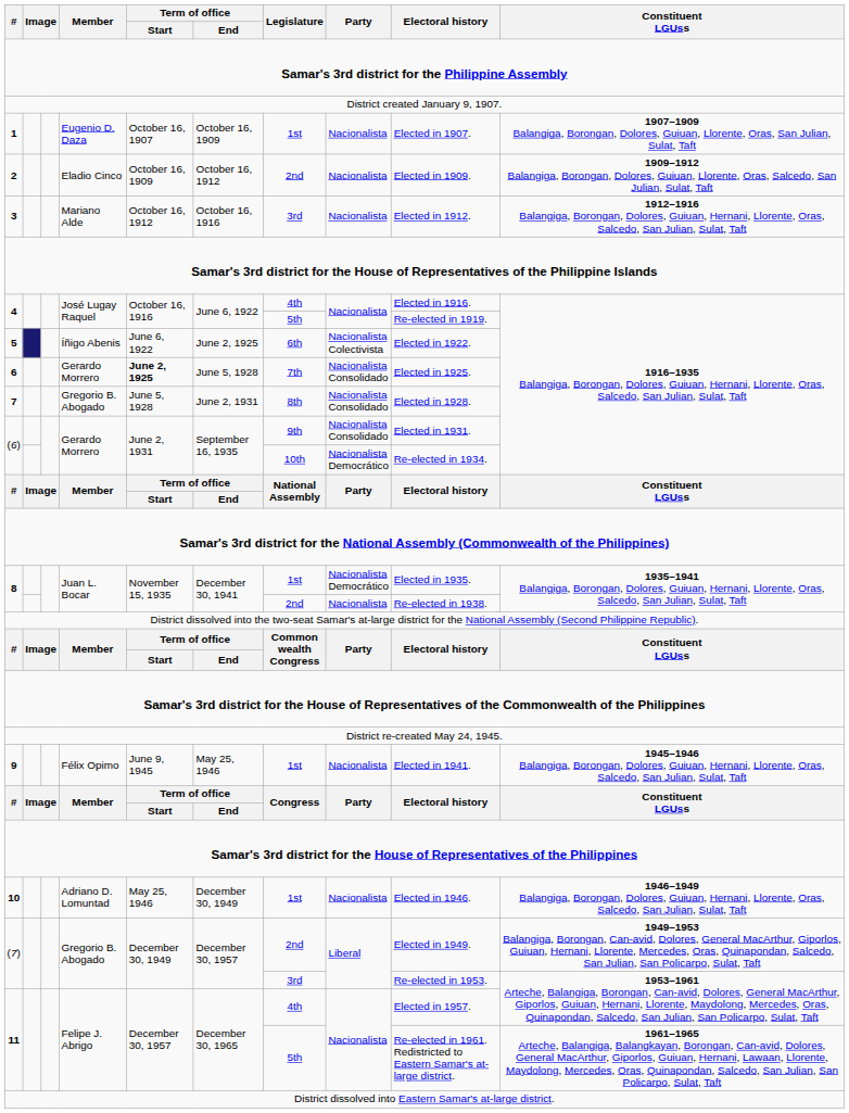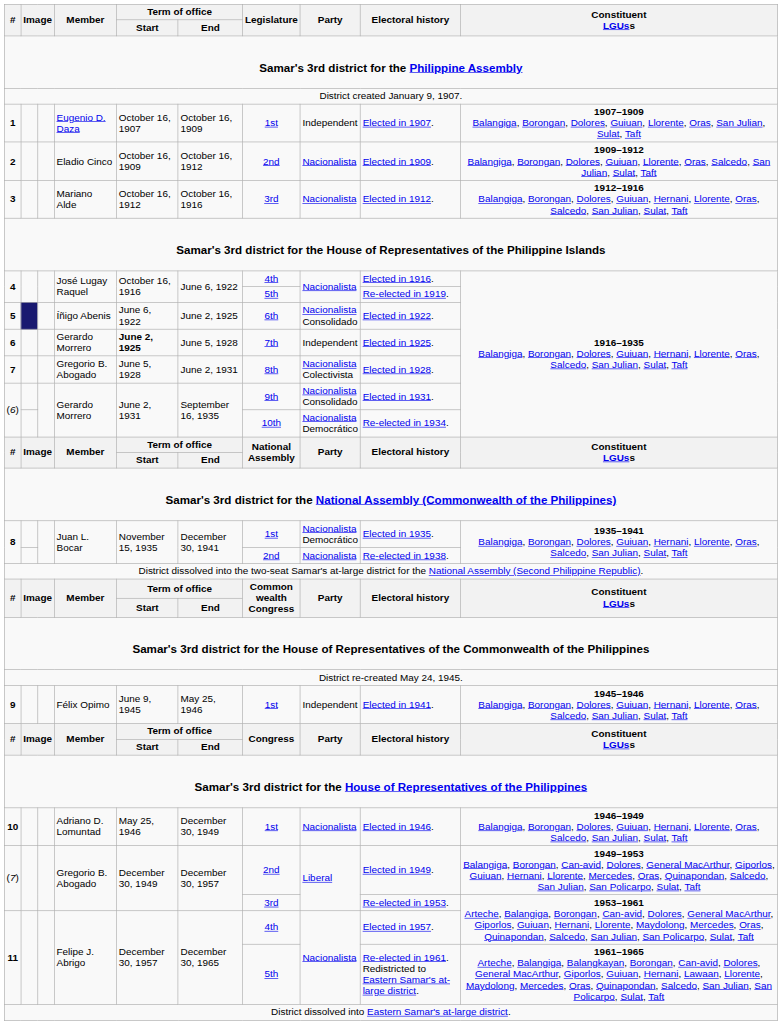 <table class=wikitable>
 <tr>
 <th rowspan="2">#</th>
 <th rowspan="2" colspan=2>Image</th>
 <th rowspan="2">Member</th>
 <th colspan=2>Term of office</th>
 <th rowspan="2">Legislature</th>
 <th rowspan="2">Party</th>
 <th rowspan="2">Electoral history</th>
 <th rowspan="2">Constituent<br><a href='#'>LGUs</a>s</th>
 </tr>
 <tr>
 <th>Start</th>
 <th>End</th>
 </tr>
 <tr>
 <td colspan="10" style="text-align:center;"><br><h3>Samar's 3rd district for the <a href='#'>Philippine Assembly</a></h3></td>
 </tr>
 <tr>
 <td colspan="10" style="text-align:center;">District created January 9, 1907.</td>
 </tr>
 <tr>
 <td style="text-align:center;"><strong>1</strong></td>
 <td style="color:inherit;background:"></td>
 <td></td>
 <td><a href='#'>Eugenio D. Daza</a></td>
 <td>October 16, 1907</td>
 <td>October 16, 1909</td>
 <td style="text-align:center;"><a href='#'>1st</a></td>
-<td><a href='#'>Nacionalista</a></td>
+<td>Independent</td>
 <td><a href='#'>Elected in 1907</a>.</td>
 <td style="text-align:center;"><strong>1907–1909</strong><br><a href='#'>Balangiga</a>, <a href='#'>Borongan</a>, <a href='#'>Dolores</a>, <a href='#'>Guiuan</a>, <a href='#'>Llorente</a>, <a href='#'>Oras</a>, <a href='#'>San Julian</a>, <a href='#'>Sulat</a>, <a href='#'>Taft</a></td>
 </tr>
 <tr>
 <td style="text-align:center;"><strong>2</strong></td>
 <td style="color:inherit;background:"></td>
 <td></td>
 <td>Eladio Cinco</td>
 <td>October 16, 1909</td>
 <td>October 16, 1912</td>
 <td style="text-align:center;"><a href='#'>2nd</a></td>
 <td><a href='#'>Nacionalista</a></td>
 <td><a href='#'>Elected in 1909</a>.</td>
 <td style="text-align:center;"><strong>1909–1912</strong><br><a href='#'>Balangiga</a>, <a href='#'>Borongan</a>, <a href='#'>Dolores</a>, <a href='#'>Guiuan</a>, <a href='#'>Llorente</a>, <a href='#'>Oras</a>, <a href='#'>Salcedo</a>, <a href='#'>San Julian</a>, <a href='#'>Sulat</a>, <a href='#'>Taft</a></td>
 </tr>
 <tr>
 <td style="text-align:center;"><strong>3</strong></td>
 <td style="color:inherit;background:"></td>
 <td></td>
 <td>Mariano Alde</td>
 <td>October 16, 1912</td>
 <td>October 16, 1916</td>
 <td style="text-align:center;"><a href='#'>3rd</a></td>
 <td><a href='#'>Nacionalista</a></td>
 <td><a href='#'>Elected in 1912</a>.</td>
 <td style="text-align:center;"><strong>1912–1916</strong><br><a href='#'>Balangiga</a>, <a href='#'>Borongan</a>, <a href='#'>Dolores</a>, <a href='#'>Guiuan</a>, <a href='#'>Hernani</a>, <a href='#'>Llorente</a>, <a href='#'>Oras</a>, <a href='#'>Salcedo</a>, <a href='#'>San Julian</a>, <a href='#'>Sulat</a>, <a href='#'>Taft</a></td>
 </tr>
 <tr>
 <td colspan="10" style="text-align:center;"><br><h3>Samar's 3rd district for the House of Representatives of the Philippine Islands</h3></td>
 </tr>
 <tr>
 <td rowspan="2" style="text-align:center;"><strong>4</strong></td>
 <td rowspan="2" style="color:inherit;background:"></td>
 <td rowspan="2"></td>
 <td rowspan="2">José Lugay Raquel</td>
 <td rowspan="2">October 16, 1916</td>
 <td rowspan="2">June 6, 1922</td>
 <td style="text-align:center;"><a href='#'>4th</a></td>
 <td rowspan="2"><a href='#'>Nacionalista</a></td>
 <td><a href='#'>Elected in 1916</a>.</td>
 <td rowspan="7" style="text-align:center;"><strong>1916–1935</strong><br><a href='#'>Balangiga</a>, <a href='#'>Borongan</a>, <a href='#'>Dolores</a>, <a href='#'>Guiuan</a>, <a href='#'>Hernani</a>, <a href='#'>Llorente</a>, <a href='#'>Oras</a>, <a href='#'>Salcedo</a>, <a href='#'>San Julian</a>, <a href='#'>Sulat</a>, <a href='#'>Taft</a></td>
 </tr>
 <tr>
 <td style="text-align:center;"><a href='#'>5th</a></td>
 <td><a href='#'>Re-elected in 1919</a>.</td>
 </tr>
 <tr>
 <td style="text-align:center;"><strong>5</strong></td>
 <td style="background-color:#191970"></td>
 <td></td>
 <td>Íñigo Abenis</td>
 <td>June 6, 1922</td>
 <td>June 2, 1925</td>
 <td style="text-align:center;"><a href='#'>6th</a></td>
-<td><a href='#'>Nacionalista</a><br>Colectivista</td>
+<td><a href='#'>Nacionalista</a><br>Consolidado</td>
 <td><a href='#'>Elected in 1922</a>.</td>
 </tr>
 <tr>
 <td style="text-align:center;"><strong>6</strong></td>
 <td style="color:inherit;background:"></td>
 <td></td>
 <td>Gerardo Morrero</td>
 <td><strong>June 2, 1925</strong></td>
 <td>June 5, 1928</td>
 <td style="text-align:center;"><a href='#'>7th</a></td>
-<td><a href='#'>Nacionalista</a><br>Consolidado</td>
+<td>Independent</td>
 <td><a href='#'>Elected in 1925</a>.</td>
 </tr>
 <tr>
 <td style="text-align:center;"><strong>7</strong></td>
 <td style="color:inherit;background:"></td>
 <td></td>
 <td>Gregorio B. Abogado</td>
 <td>June 5, 1928</td>
 <td>June 2, 1931</td>
 <td style="text-align:center;"><a href='#'>8th</a></td>
-<td><a href='#'>Nacionalista</a><br>Consolidado</td>
+<td><a href='#'>Nacionalista</a><br>Colectivista</td>
 <td><a href='#'>Elected in 1928</a>.</td>
 </tr>
 <tr>
 <td rowspan="2" style="text-align:center;">(<em>6</em>)</td>
 <td style="color:inherit;background:"></td>
 <td rowspan="2"></td>
 <td rowspan="2">Gerardo Morrero</td>
 <td rowspan="2">June 2, 1931</td>
 <td rowspan="2">September 16, 1935</td>
 <td style="text-align:center;"><a href='#'>9th</a></td>
 <td><a href='#'>Nacionalista</a><br>Consolidado</td>
 <td><a href='#'>Elected in 1931</a>.</td>
 </tr>
 <tr>
 <td style="color:inherit;background:"></td>
 <td style="text-align:center;"><a href='#'>10th</a></td>
 <td><a href='#'>Nacionalista</a><br>Democrático</td>
 <td><a href='#'>Re-elected in 1934</a>.</td>
 </tr>
 <tr>
 <th rowspan="2">#</th>
 <th rowspan="2" colspan=2>Image</th>
 <th rowspan="2">Member</th>
 <th colspan=2>Term of office</th>
 <th rowspan="2">National<br>Assembly</th>
 <th rowspan="2">Party</th>
 <th rowspan="2">Electoral history</th>
 <th rowspan="2">Constituent<br><a href='#'>LGUs</a>s</th>
 </tr>
 <tr>
 <th>Start</th>
 <th>End</th>
 </tr>
 <tr>
 <td colspan="10" style="text-align:center;"><br><h3>Samar's 3rd district for the <a href='#'>National Assembly (Commonwealth of the Philippines)</a></h3></td>
 </tr>
 <tr>
 <td rowspan="2" style="text-align:center;"><strong>8</strong></td>
 <td style="color:inherit;background:"></td>
 <td rowspan="2"></td>
 <td rowspan="2">Juan L. Bocar</td>
 <td rowspan="2">November 15, 1935</td>
 <td rowspan="2">December 30, 1941</td>
 <td style="text-align:center;"><a href='#'>1st</a></td>
 <td><a href='#'>Nacionalista</a><br>Democrático</td>
 <td><a href='#'>Elected in 1935</a>.</td>
 <td rowspan="2" style="text-align:center;"><strong>1935–1941</strong><br><a href='#'>Balangiga</a>, <a href='#'>Borongan</a>, <a href='#'>Dolores</a>, <a href='#'>Guiuan</a>, <a href='#'>Hernani</a>, <a href='#'>Llorente</a>, <a href='#'>Oras</a>, <a href='#'>Salcedo</a>, <a href='#'>San Julian</a>, <a href='#'>Sulat</a>, <a href='#'>Taft</a></td>
 </tr>
 <tr>
 <td style="color:inherit;background:"></td>
 <td style="text-align:center;"><a href='#'>2nd</a></td>
 <td><a href='#'>Nacionalista</a></td>
 <td><a href='#'>Re-elected in 1938</a>.</td>
 </tr>
 <tr>
 <td colspan="10" style="text-align:center;">District dissolved into the two-seat Samar's at-large district for the <a href='#'>National Assembly (Second Philippine Republic)</a>.</td>
 </tr>
 <tr>
 <th rowspan="2">#</th>
 <th rowspan="2" colspan=2>Image</th>
 <th rowspan="2">Member</th>
 <th colspan=2>Term of office</th>
 <th rowspan="2">Common<br>wealth<br>Congress</th>
 <th rowspan="2">Party</th>
 <th rowspan="2">Electoral history</th>
 <th rowspan="2">Constituent<br><a href='#'>LGUs</a>s</th>
 </tr>
 <tr>
 <th>Start</th>
 <th>End</th>
 </tr>
 <tr>
 <td colspan="10" style="text-align:center;"><br><h3>Samar's 3rd district for the House of Representatives of the Commonwealth of the Philippines</h3></td>
 </tr>
 <tr>
 <td colspan="10" style="text-align:center;">District re-created May 24, 1945.</td>
 </tr>
 <tr>
 <td style="text-align:center;"><strong>9</strong></td>
 <td style="color:inherit;background:"></td>
 <td></td>
 <td>Félix Opimo</td>
 <td>June 9, 1945</td>
 <td>May 25, 1946</td>
 <td style="text-align:center;"><a href='#'>1st</a></td>
-<td><a href='#'>Nacionalista</a></td>
+<td>Independent</td>
 <td><a href='#'>Elected in 1941</a>.</td>
 <td style="text-align:center;"><strong>1945–1946</strong><br><a href='#'>Balangiga</a>, <a href='#'>Borongan</a>, <a href='#'>Dolores</a>, <a href='#'>Guiuan</a>, <a href='#'>Hernani</a>, <a href='#'>Llorente</a>, <a href='#'>Oras</a>, <a href='#'>Salcedo</a>, <a href='#'>San Julian</a>, <a href='#'>Sulat</a>, <a href='#'>Taft</a></td>
 </tr>
 <tr>
 <th rowspan="2">#</th>
 <th rowspan="2" colspan=2>Image</th>
 <th rowspan="2">Member</th>
 <th colspan=2>Term of office</th>
 <th rowspan="2">Congress</th>
 <th rowspan="2">Party</th>
 <th rowspan="2">Electoral history</th>
 <th rowspan="2">Constituent<br><a href='#'>LGUs</a>s</th>
 </tr>
 <tr>
 <th>Start</th>
 <th>End</th>
 </tr>
 <tr>
 <td colspan="10" style="text-align:center;"><br><h3>Samar's 3rd district for the <a href='#'>House of Representatives of the Philippines</a></h3></td>
 </tr>
 <tr>
 <td style="text-align:center;"><strong>10</strong></td>
 <td style="color:inherit;background:"></td>
 <td></td>
 <td>Adriano D. Lomuntad</td>
 <td>May 25, 1946</td>
 <td>December 30, 1949</td>
 <td style="text-align:center;"><a href='#'>1st</a></td>
 <td><a href='#'>Nacionalista</a></td>
 <td><a href='#'>Elected in 1946</a>.</td>
 <td style="text-align:center;"><strong>1946–1949</strong><br><a href='#'>Balangiga</a>, <a href='#'>Borongan</a>, <a href='#'>Dolores</a>, <a href='#'>Guiuan</a>, <a href='#'>Hernani</a>, <a href='#'>Llorente</a>, <a href='#'>Oras</a>, <a href='#'>Salcedo</a>, <a href='#'>San Julian</a>, <a href='#'>Sulat</a>, <a href='#'>Taft</a></td>
 </tr>
 <tr>
 <td rowspan="2" style="text-align:center;">(<em>7</em>)</td>
 <td rowspan="2" style="color:inherit;background:"></td>
 <td rowspan="2"></td>
 <td rowspan="2">Gregorio B. Abogado</td>
 <td rowspan="2">December 30, 1949</td>
 <td rowspan="2">December 30, 1957</td>
 <td style="text-align:center;"><a href='#'>2nd</a></td>
 <td rowspan="2"><a href='#'>Liberal</a></td>
 <td><a href='#'>Elected in 1949</a>.</td>
 <td style="text-align:center;"><strong>1949–1953</strong><br><a href='#'>Balangiga</a>, <a href='#'>Borongan</a>, <a href='#'>Can-avid</a>, <a href='#'>Dolores</a>, <a href='#'>General MacArthur</a>, <a href='#'>Giporlos</a>, <a href='#'>Guiuan</a>, <a href='#'>Hernani</a>, <a href='#'>Llorente</a>, <a href='#'>Mercedes</a>, <a href='#'>Oras</a>, <a href='#'>Quinapondan</a>, <a href='#'>Salcedo</a>, <a href='#'>San Julian</a>, <a href='#'>San Policarpo</a>, <a href='#'>Sulat</a>, <a href='#'>Taft</a></td>
 </tr>
 <tr>
 <td style="text-align:center;"><a href='#'>3rd</a></td>
 <td><a href='#'>Re-elected in 1953</a>.</td>
 <td rowspan="2" style="text-align:center;"><strong>1953–1961</strong><br><a href='#'>Arteche</a>, <a href='#'>Balangiga</a>, <a href='#'>Borongan</a>, <a href='#'>Can-avid</a>, <a href='#'>Dolores</a>, <a href='#'>General MacArthur</a>, <a href='#'>Giporlos</a>, <a href='#'>Guiuan</a>, <a href='#'>Hernani</a>, <a href='#'>Llorente</a>, <a href='#'>Maydolong</a>, <a href='#'>Mercedes</a>, <a href='#'>Oras</a>, <a href='#'>Quinapondan</a>, <a href='#'>Salcedo</a>, <a href='#'>San Julian</a>, <a href='#'>San Policarpo</a>, <a href='#'>Sulat</a>, <a href='#'>Taft</a></td>
 </tr>
 <tr>
 <td rowspan="2" style="text-align:center;"><strong>11</strong></td>
 <td rowspan="2" style="color:inherit;background:"></td>
 <td rowspan="2"></td>
 <td rowspan="2">Felipe J. Abrigo</td>
 <td rowspan="2">December 30, 1957</td>
 <td rowspan="2">December 30, 1965</td>
 <td style="text-align:center;"><a href='#'>4th</a></td>
 <td rowspan="2"><a href='#'>Nacionalista</a></td>
 <td><a href='#'>Elected in 1957</a>.</td>
 </tr>
 <tr>
 <td style="text-align:center;"><a href='#'>5th</a></td>
 <td><a href='#'>Re-elected in 1961</a>.<br>Redistricted to <a href='#'>Eastern Samar's at-large district</a>.</td>
 <td style="text-align:center;"><strong>1961–1965</strong><br><a href='#'>Arteche</a>, <a href='#'>Balangiga</a>, <a href='#'>Balangkayan</a>, <a href='#'>Borongan</a>, <a href='#'>Can-avid</a>, <a href='#'>Dolores</a>, <a href='#'>General MacArthur</a>, <a href='#'>Giporlos</a>, <a href='#'>Guiuan</a>, <a href='#'>Hernani</a>, <a href='#'>Lawaan</a>, <a href='#'>Llorente</a>, <a href='#'>Maydolong</a>, <a href='#'>Mercedes</a>, <a href='#'>Oras</a>, <a href='#'>Quinapondan</a>, <a href='#'>Salcedo</a>, <a href='#'>San Julian</a>, <a href='#'>San Policarpo</a>, <a href='#'>Sulat</a>, <a href='#'>Taft</a></td>
 </tr>
 <tr>
 <td colspan="10" style="text-align:center;">District dissolved into <a href='#'>Eastern Samar's at-large district</a>.</td>
 </tr>
 </table>
